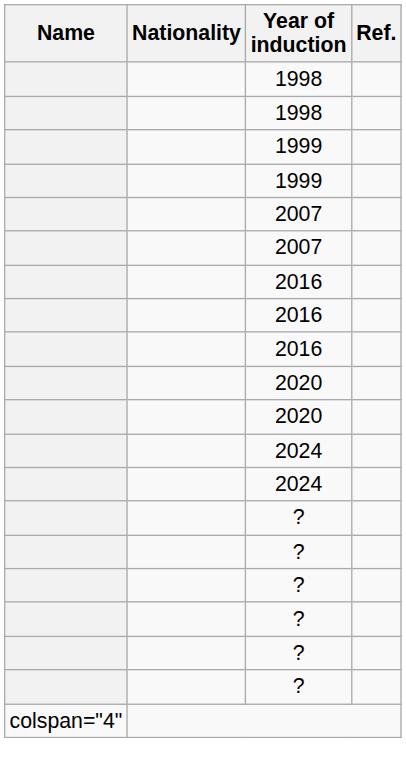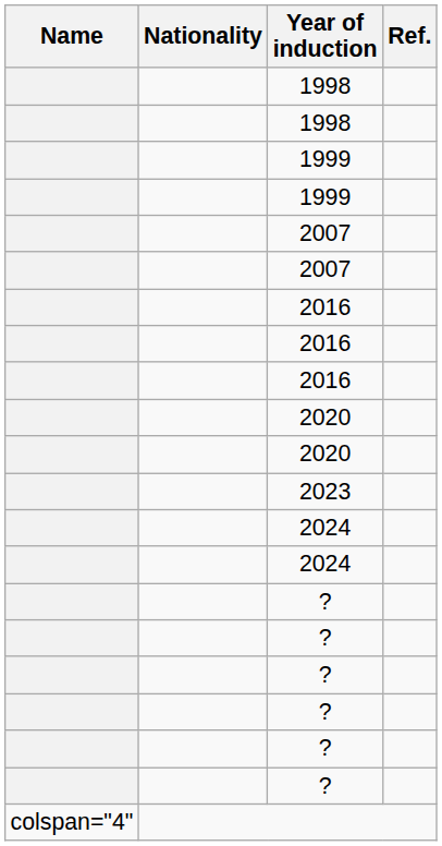 <table class="sortable wikitable plainrowheaders" style="text-align: center;">
 <tr>
 <th scope="col">Name</th>
 <th scope="col">Nationality</th>
 <th scope="col">Year of<br>induction</th>
 <th scope="col" class="unsortable">Ref.</th>
 </tr>
 <tr>
 <th scope="row" align="left"></th>
 <td></td>
 <td>1998</td>
 <td></td>
 </tr>
 <tr>
 <th scope="row" align="left"></th>
 <td></td>
 <td>1998</td>
 <td></td>
 </tr>
 <tr>
 <th scope="row" align="left"></th>
 <td></td>
 <td>1999</td>
 <td></td>
 </tr>
 <tr>
 <th scope="row" align="left"></th>
 <td></td>
 <td>1999</td>
 <td></td>
 </tr>
 <tr>
 <th scope="row" align="left"></th>
 <td></td>
 <td>2007</td>
 <td></td>
 </tr>
 <tr>
 <th scope="row" align="left"></th>
 <td></td>
 <td>2007</td>
 <td></td>
 </tr>
 <tr>
 <th scope="row" align="left"></th>
 <td></td>
 <td>2016</td>
 <td></td>
 </tr>
 <tr>
 <th scope="row" align="left"></th>
 <td></td>
 <td>2016</td>
 <td></td>
 </tr>
 <tr>
 <th scope="row" align="left"></th>
 <td></td>
 <td>2016</td>
 <td></td>
 </tr>
 <tr>
 <th scope="row" align="left"></th>
 <td></td>
 <td>2020</td>
 <td></td>
 </tr>
 <tr>
 <th scope="row" align="left"></th>
 <td></td>
 <td>2020</td>
 <td></td>
 </tr>
 <tr>
 <th scope="row" align="left"></th>
 <td></td>
+<td>2023</td>
+<td></td>
+</tr>
+<tr>
+<th scope="row" align="left"></th>
+<td></td>
 <td>2024</td>
 <td></td>
 </tr>
 <tr>
 <th scope="row" align="left"></th>
 <td></td>
 <td>2024</td>
 <td></td>
 </tr>
 <tr>
 <th scope="row" align="left"></th>
 <td></td>
 <td>?</td>
 <td></td>
 </tr>
 <tr>
 <th scope="row" align="left"></th>
 <td></td>
 <td>?</td>
 <td></td>
 </tr>
 <tr>
 <th scope="row" align="left"></th>
 <td></td>
 <td>?</td>
 <td></td>
 </tr>
 <tr>
 <th scope="row" align="left"></th>
 <td></td>
 <td>?</td>
 <td></td>
 </tr>
 <tr>
 <th scope="row" align="left"></th>
 <td></td>
 <td>?</td>
 <td></td>
 </tr>
 <tr>
 <th scope="row" align="left"></th>
 <td></td>
 <td>?</td>
 <td></td>
 </tr>
 <tr>
 <td>colspan="4"</td>
 </tr>
 </table>
